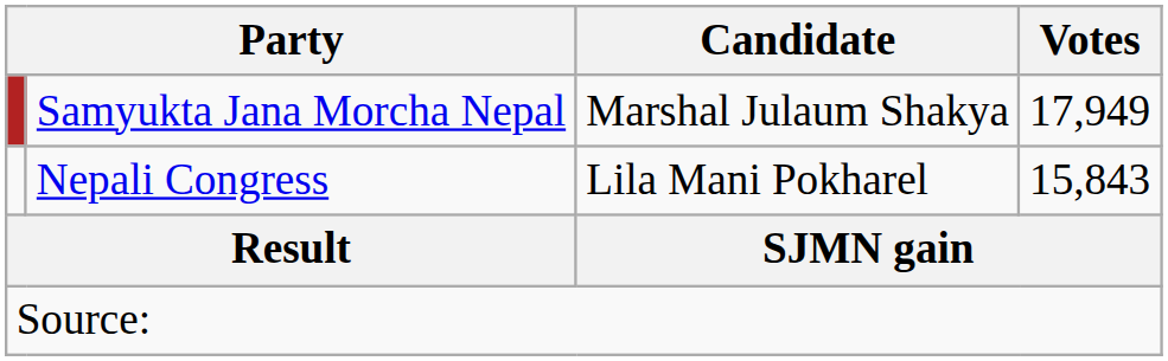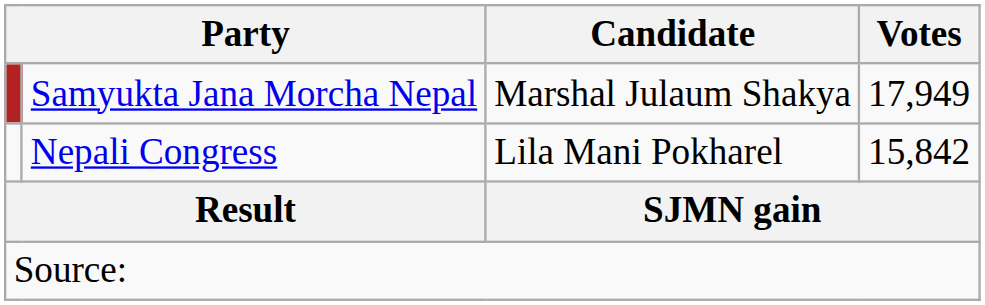 <table class="wikitable">
 <tr>
 <th colspan="2">Party</th>
 <th>Candidate</th>
 <th>Votes</th>
 </tr>
 <tr>
 <td style="background-color:firebrick"></td>
 <td><a href='#'>Samyukta Jana Morcha Nepal</a></td>
 <td>Marshal Julaum Shakya</td>
 <td>17,949</td>
 </tr>
 <tr>
 <td style="background-color:"></td>
 <td><a href='#'>Nepali Congress</a></td>
 <td>Lila Mani Pokharel</td>
-<td>15,843</td>
+<td>15,842</td>
 </tr>
 <tr>
 <th colspan="2">Result</th>
 <th colspan="2">SJMN gain</th>
 </tr>
 <tr>
 <td colspan="4">Source: </td>
 </tr>
 </table>
